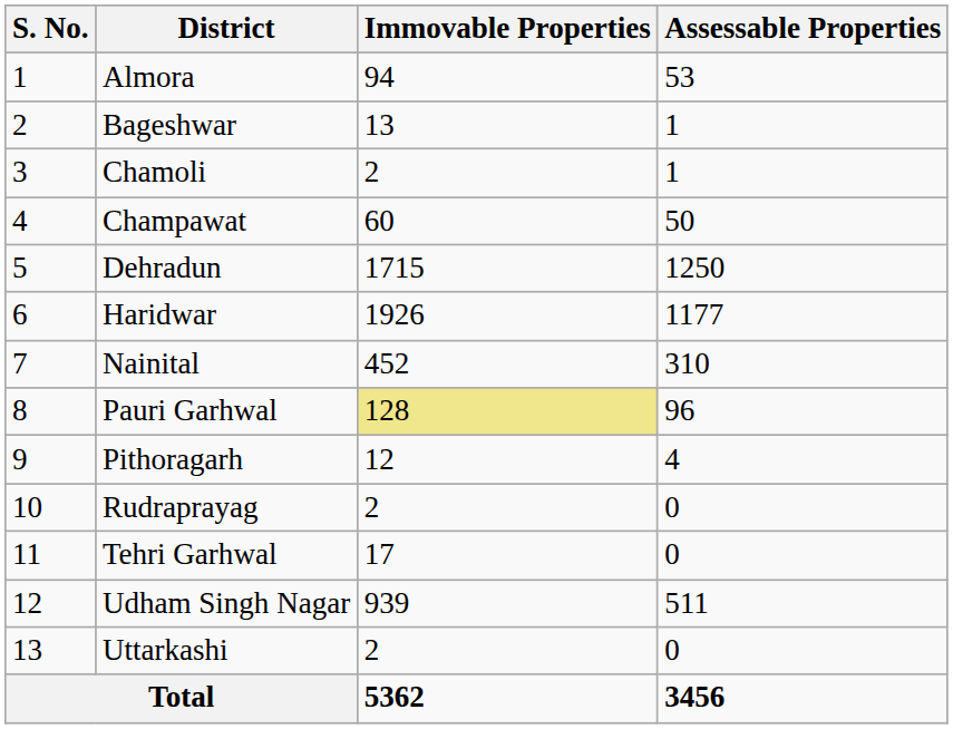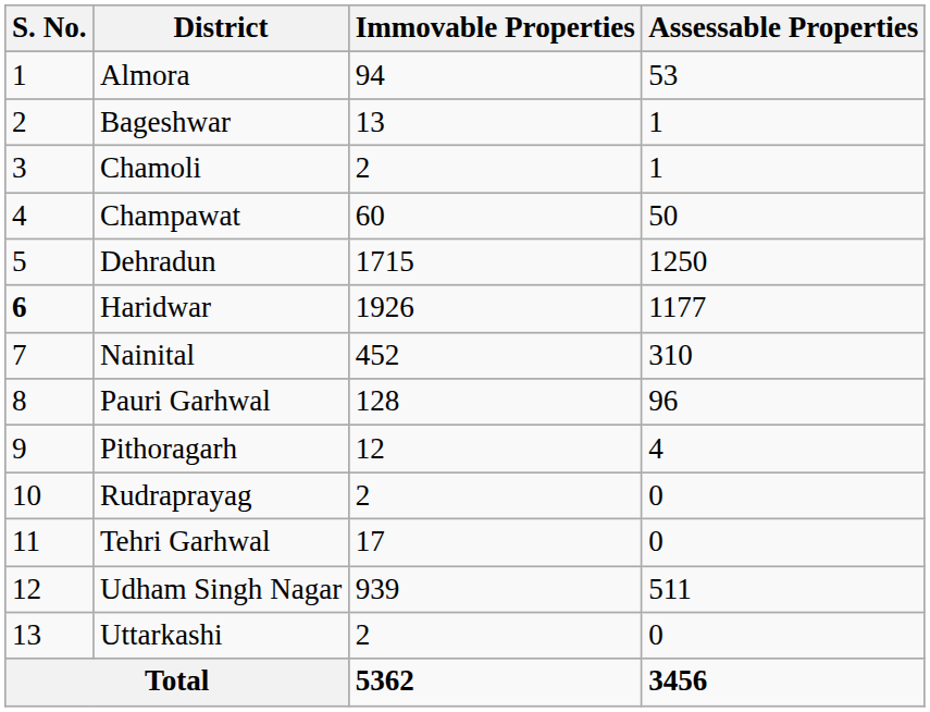 <table class="wikitable" ;">
 <tr>
 <th>S. No.</th>
 <th>District</th>
 <th>Immovable Properties</th>
 <th>Assessable Properties</th>
 </tr>
 <tr>
 <td>1</td>
 <td>Almora</td>
 <td>94</td>
 <td>53</td>
 </tr>
 <tr>
 <td>2</td>
 <td>Bageshwar</td>
 <td>13</td>
 <td>1</td>
 </tr>
 <tr>
 <td>3</td>
 <td>Chamoli</td>
 <td>2</td>
 <td>1</td>
 </tr>
 <tr>
 <td>4</td>
 <td>Champawat</td>
 <td>60</td>
 <td>50</td>
 </tr>
 <tr>
 <td>5</td>
 <td>Dehradun</td>
 <td>1715</td>
 <td>1250</td>
 </tr>
 <tr>
-<td>6</td>
+<td><strong>6</strong></td>
 <td>Haridwar</td>
 <td>1926</td>
 <td>1177</td>
 </tr>
 <tr>
 <td>7</td>
 <td>Nainital</td>
 <td>452</td>
 <td>310</td>
 </tr>
 <tr>
 <td>8</td>
 <td>Pauri Garhwal</td>
-<td style="background: khaki;">128</td>
+<td>128</td>
 <td>96</td>
 </tr>
 <tr>
 <td>9</td>
 <td>Pithoragarh</td>
 <td>12</td>
 <td>4</td>
 </tr>
 <tr>
 <td>10</td>
 <td>Rudraprayag</td>
 <td>2</td>
 <td>0</td>
 </tr>
 <tr>
 <td>11</td>
 <td>Tehri Garhwal</td>
 <td>17</td>
 <td>0</td>
 </tr>
 <tr>
 <td>12</td>
 <td>Udham Singh Nagar</td>
 <td>939</td>
 <td>511</td>
 </tr>
 <tr>
 <td>13</td>
 <td>Uttarkashi</td>
 <td>2</td>
 <td>0</td>
 </tr>
 <tr>
 <th colspan="2">Total</th>
 <td><strong>5362</strong></td>
 <td><strong>3456</strong></td>
 </tr>
 </table>
